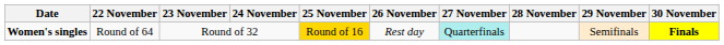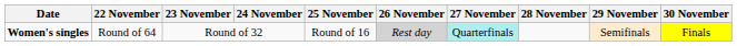 <table class="wikitable" style="text-align:center">
 <tr>
 <th>Date</th>
 <th>22 November</th>
 <th>23 November</th>
 <th>24 November</th>
 <th>25 November</th>
 <th>26 November</th>
 <th>27 November</th>
 <th>28 November</th>
 <th>29 November</th>
 <th>30 November</th>
 </tr>
 <tr>
 <td align="left"><strong>Women's singles</strong></td>
 <td>Round of 64</td>
 <td colspan=2>Round of 32</td>
-<td style="background: gold;">Round of 16</td>
-<td><em>Rest day</em></td>
+<td>Round of 16</td>
+<td style="background: lightgrey;"><em>Rest day</em></td>
 <td bgcolor="#afeeee">Quarterfinals</td>
 <td></td>
 <td bgcolor="#ffebcd">Semifinals</td>
-<td bgcolor="#FFFF00"><strong>Finals</strong></td>
+<td bgcolor="#FFFF00">Finals</td>
 </tr>
 </table>
